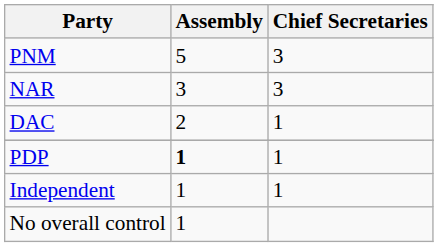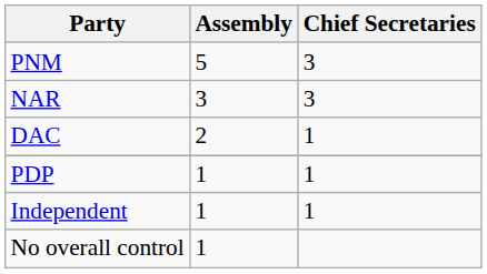 <table class="wikitable sortable">
 <tr>
 <th>Party</th>
 <th>Assembly</th>
 <th>Chief Secretaries</th>
 </tr>
 <tr>
 <td><a href='#'>PNM</a></td>
 <td>5</td>
 <td>3</td>
 </tr>
 <tr>
 <td><a href='#'>NAR</a></td>
 <td>3</td>
 <td>3</td>
 </tr>
 <tr>
 <td><a href='#'>DAC</a></td>
 <td>2</td>
 <td>1</td>
 </tr>
 <tr>
 </tr>
 <tr>
 <td><a href='#'>PDP</a></td>
-<td><strong>1</strong></td>
+<td>1</td>
 <td>1</td>
 </tr>
 <tr>
 <td><a href='#'>Independent</a></td>
 <td>1</td>
 <td>1</td>
 </tr>
 <tr>
 <td>No overall control</td>
 <td>1</td>
 <td></td>
 </tr>
 </table>
